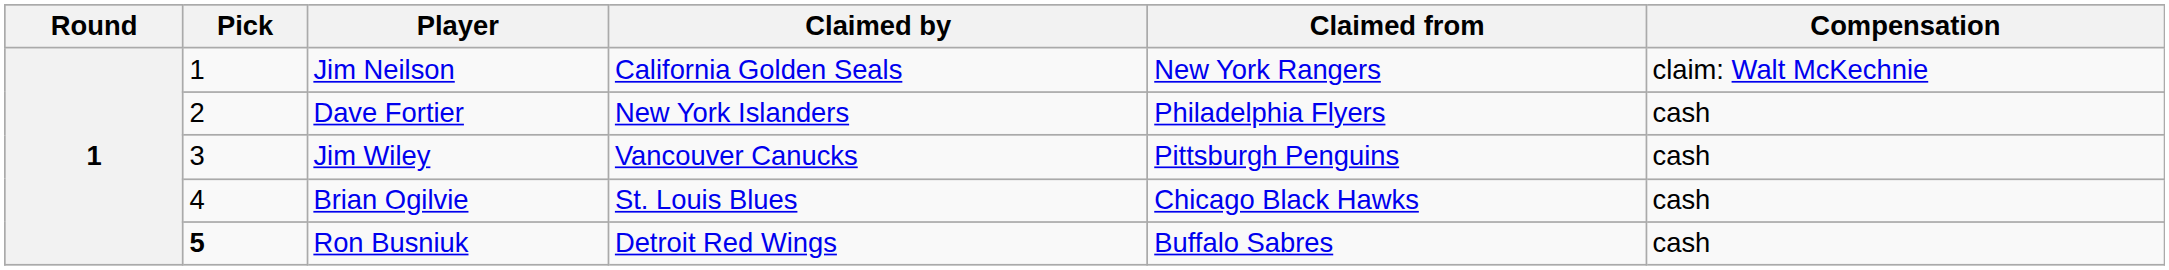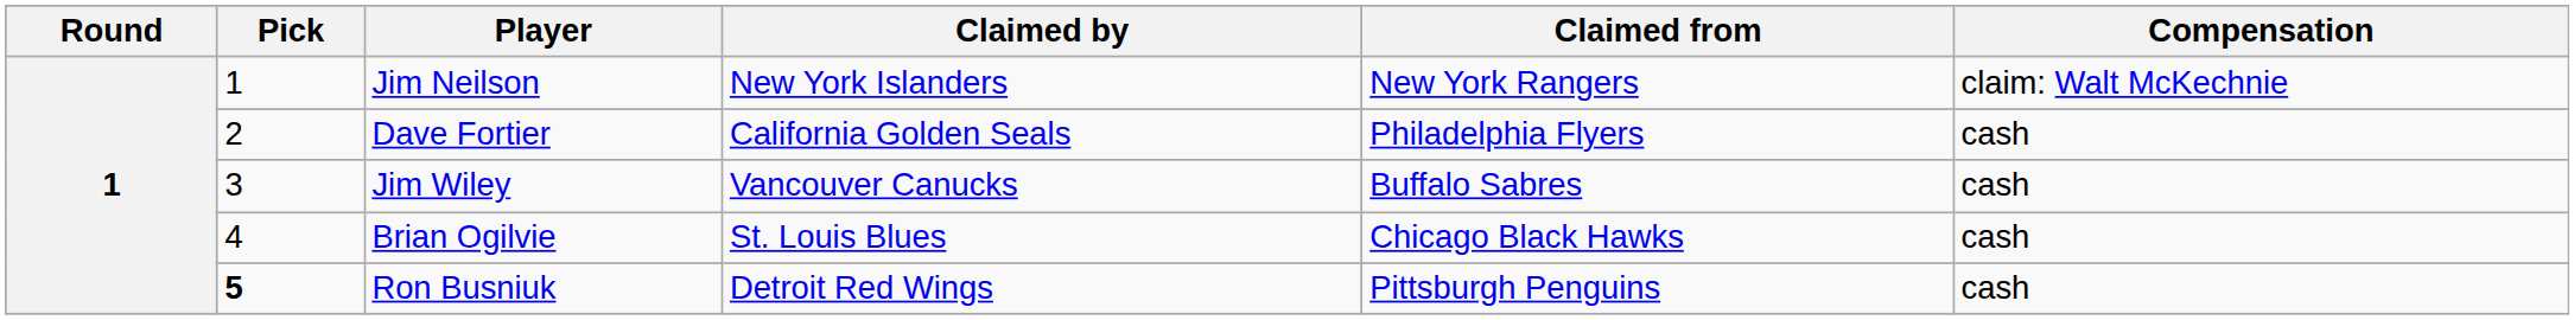 <table class="wikitable" style="width: 100%">
 <tr>
 <th scope="col">Round</th>
 <th scope="col">Pick</th>
 <th scope="col">Player</th>
 <th scope="col">Claimed by</th>
 <th scope="col">Claimed from</th>
 <th scope="col">Compensation</th>
 </tr>
 <tr>
 <th scope="row" rowspan="5">1</th>
 <td>1</td>
 <td><a href='#'>Jim Neilson</a></td>
-<td><a href='#'>California Golden Seals</a></td>
+<td><a href='#'>New York Islanders</a></td>
 <td><a href='#'>New York Rangers</a></td>
 <td>claim: <a href='#'>Walt McKechnie</a></td>
 </tr>
 <tr>
 <td>2</td>
 <td><a href='#'>Dave Fortier</a></td>
-<td><a href='#'>New York Islanders</a></td>
+<td><a href='#'>California Golden Seals</a></td>
 <td><a href='#'>Philadelphia Flyers</a></td>
 <td>cash</td>
 </tr>
 <tr>
 <td>3</td>
 <td><a href='#'>Jim Wiley</a></td>
 <td><a href='#'>Vancouver Canucks</a></td>
-<td><a href='#'>Pittsburgh Penguins</a></td>
+<td><a href='#'>Buffalo Sabres</a></td>
 <td>cash</td>
 </tr>
 <tr>
 <td>4</td>
 <td><a href='#'>Brian Ogilvie</a></td>
 <td><a href='#'>St. Louis Blues</a></td>
 <td><a href='#'>Chicago Black Hawks</a></td>
 <td>cash</td>
 </tr>
 <tr>
 <td><strong>5</strong></td>
 <td><a href='#'>Ron Busniuk</a></td>
 <td><a href='#'>Detroit Red Wings</a></td>
-<td><a href='#'>Buffalo Sabres</a></td>
+<td><a href='#'>Pittsburgh Penguins</a></td>
 <td>cash</td>
 </tr>
 </table>
